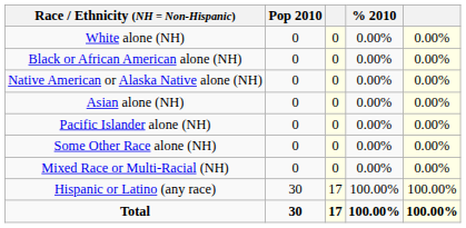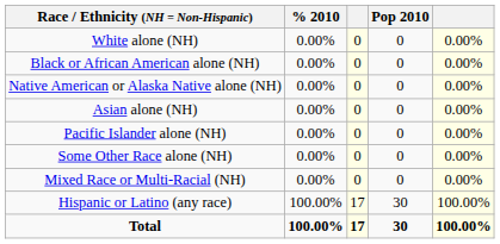 <table class="wikitable" style="text-align:center;">
 <tr>
 <th>Race / Ethnicity <small>(<em>NH = Non-Hispanic</em>)</small></th>
+<th>% 2010</th>
+<th></th>
 <th>Pop 2010</th>
-<th></th>
-<th>% 2010</th>
 <th></th>
 </tr>
 <tr>
 <td><a href='#'>White</a> alone (NH)</td>
+<td>0.00%</td>
+<td style='background: #ffffe6;'>0</td>
 <td>0</td>
-<td style='background: #ffffe6;'>0</td>
-<td>0.00%</td>
 <td style='background: #ffffe6;'>0.00%</td>
 </tr>
 <tr>
 <td><a href='#'>Black or African American</a> alone (NH)</td>
+<td>0.00%</td>
+<td style='background: #ffffe6;'>0</td>
 <td>0</td>
-<td style='background: #ffffe6;'>0</td>
-<td>0.00%</td>
 <td style='background: #ffffe6;'>0.00%</td>
 </tr>
 <tr>
 <td><a href='#'>Native American</a> or <a href='#'>Alaska Native</a> alone (NH)</td>
+<td>0.00%</td>
+<td style='background: #ffffe6;'>0</td>
 <td>0</td>
-<td style='background: #ffffe6;'>0</td>
-<td>0.00%</td>
 <td style='background: #ffffe6;'>0.00%</td>
 </tr>
 <tr>
 <td><a href='#'>Asian</a> alone (NH)</td>
+<td>0.00%</td>
+<td style='background: #ffffe6;'>0</td>
 <td>0</td>
-<td style='background: #ffffe6;'>0</td>
-<td>0.00%</td>
 <td style='background: #ffffe6;'>0.00%</td>
 </tr>
 <tr>
 <td><a href='#'>Pacific Islander</a> alone (NH)</td>
+<td>0.00%</td>
+<td style='background: #ffffe6;'>0</td>
 <td>0</td>
-<td style='background: #ffffe6;'>0</td>
-<td>0.00%</td>
 <td style='background: #ffffe6;'>0.00%</td>
 </tr>
 <tr>
 <td><a href='#'>Some Other Race</a> alone (NH)</td>
+<td>0.00%</td>
+<td style='background: #ffffe6;'>0</td>
 <td>0</td>
-<td style='background: #ffffe6;'>0</td>
-<td>0.00%</td>
 <td style='background: #ffffe6;'>0.00%</td>
 </tr>
 <tr>
 <td><a href='#'>Mixed Race or Multi-Racial</a> (NH)</td>
+<td>0.00%</td>
+<td style='background: #ffffe6;'>0</td>
 <td>0</td>
-<td style='background: #ffffe6;'>0</td>
-<td>0.00%</td>
 <td style='background: #ffffe6;'>0.00%</td>
 </tr>
 <tr>
 <td><a href='#'>Hispanic or Latino</a> (any race)</td>
+<td>100.00%</td>
+<td style='background: #ffffe6;'>17</td>
 <td>30</td>
-<td style='background: #ffffe6;'>17</td>
-<td>100.00%</td>
 <td style='background: #ffffe6;'>100.00%</td>
 </tr>
 <tr>
 <td><strong>Total</strong></td>
+<td><strong>100.00%</strong></td>
+<td style='background: #ffffe6;'><strong>17</strong></td>
 <td><strong>30</strong></td>
-<td style='background: #ffffe6;'><strong>17</strong></td>
-<td><strong>100.00%</strong></td>
 <td style='background: #ffffe6;'><strong>100.00%</strong></td>
 </tr>
 </table>
